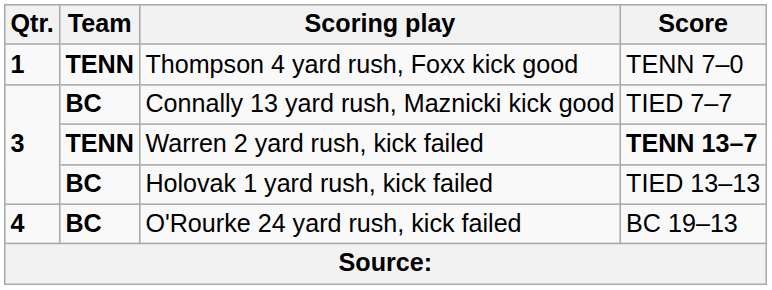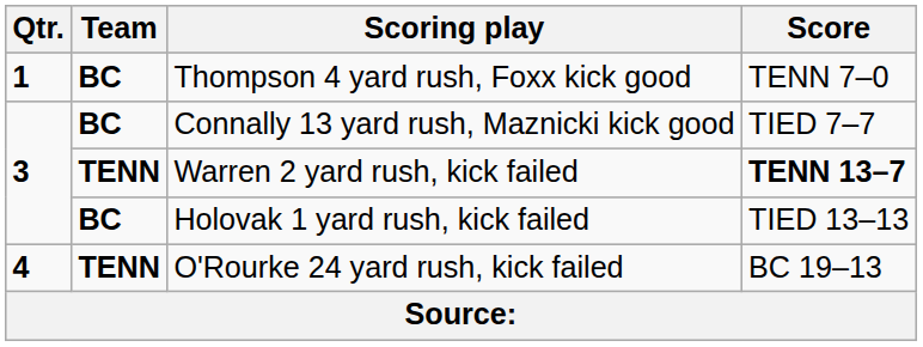 <table class="wikitable">
 <tr>
 <th>Qtr.</th>
 <th>Team</th>
 <th>Scoring play</th>
 <th>Score</th>
 </tr>
 <tr>
 <td><strong>1</strong></td>
-<td><strong>TENN</strong></td>
+<td><strong>BC</strong></td>
 <td>Thompson 4 yard rush, Foxx kick good</td>
 <td>TENN 7–0</td>
 </tr>
 <tr>
 <td rowspan=3><strong>3</strong></td>
 <td><strong>BC</strong></td>
 <td>Connally 13 yard rush, Maznicki kick good</td>
 <td>TIED 7–7</td>
 </tr>
 <tr>
 <td><strong>TENN</strong></td>
 <td>Warren 2 yard rush, kick failed</td>
 <td><strong>TENN 13–7</strong></td>
 </tr>
 <tr>
 <td><strong>BC</strong></td>
 <td>Holovak 1 yard rush, kick failed</td>
 <td>TIED 13–13</td>
 </tr>
 <tr>
 <td><strong>4</strong></td>
-<td><strong>BC</strong></td>
+<td><strong>TENN</strong></td>
 <td>O'Rourke 24 yard rush, kick failed</td>
 <td>BC 19–13</td>
 </tr>
 <tr>
 <th colspan=4>Source:</th>
 </tr>
 </table>
